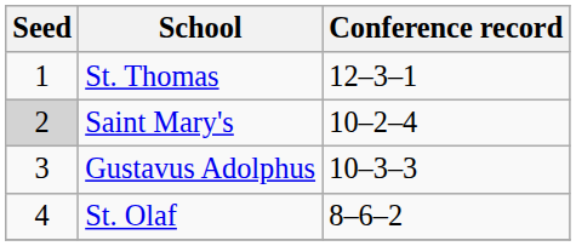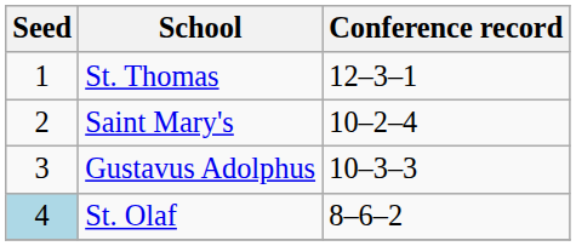 <table class="wikitable">
 <tr>
 <th>Seed</th>
 <th>School</th>
 <th>Conference record</th>
 </tr>
 <tr>
 <td align=center>1</td>
 <td><a href='#'>St. Thomas</a></td>
 <td>12–3–1</td>
 </tr>
 <tr>
-<td align=center style="background: lightgrey;">2</td>
+<td align=center>2</td>
 <td><a href='#'>Saint Mary's</a></td>
 <td>10–2–4</td>
 </tr>
 <tr>
 <td align=center>3</td>
 <td><a href='#'>Gustavus Adolphus</a></td>
 <td>10–3–3</td>
 </tr>
 <tr>
-<td align=center>4</td>
+<td align=center style="background: lightblue;">4</td>
 <td><a href='#'>St. Olaf</a></td>
 <td>8–6–2</td>
 </tr>
 <tr>
 </tr>
 </table>
